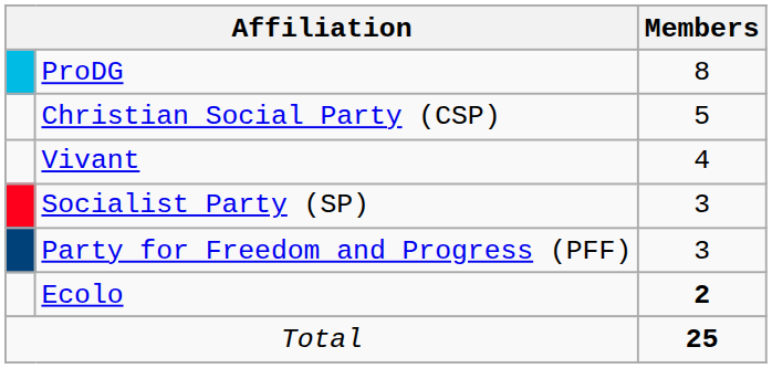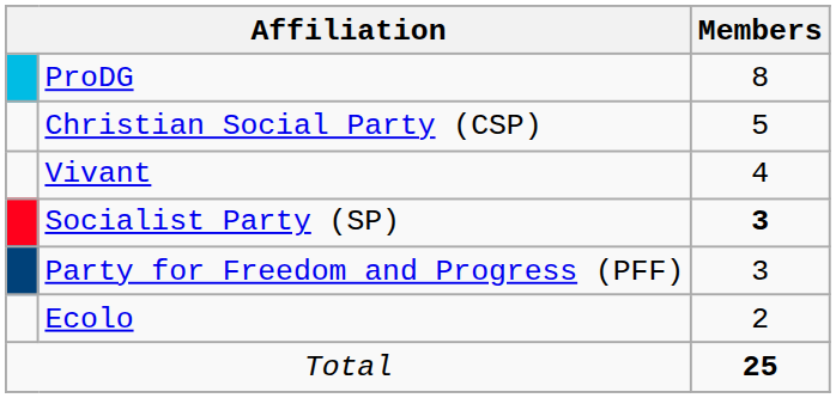 <table class=wikitable>
 <tr valign="bottom">
 <th colspan="2">Affiliation</th>
 <th>Members</th>
 </tr>
 <tr>
 <td bgcolor="#00BCE4"> </td>
 <td><a href='#'>ProDG</a></td>
 <td align="center">8</td>
 </tr>
 <tr>
 <td> </td>
 <td><a href='#'>Christian Social Party</a> (CSP)</td>
 <td align="center">5</td>
 </tr>
 <tr>
 <td> </td>
 <td><a href='#'>Vivant</a></td>
 <td align="center">4</td>
 </tr>
 <tr>
 <td bgcolor="#FF001C"> </td>
 <td><a href='#'>Socialist Party</a> (SP)</td>
-<td align="center">3</td>
+<td align="center"><strong>3</strong></td>
 </tr>
 <tr>
 <td bgcolor="#004179"> </td>
 <td><a href='#'>Party for Freedom and Progress</a> (PFF)</td>
 <td align="center">3</td>
 </tr>
 <tr>
 <td> </td>
 <td><a href='#'>Ecolo</a></td>
-<td align="center"><strong>2</strong></td>
+<td align="center">2</td>
 </tr>
 <tr>
 <td colspan="2" align="center"><em>Total</em></td>
 <td align="center"><strong>25</strong></td>
 </tr>
 </table>
